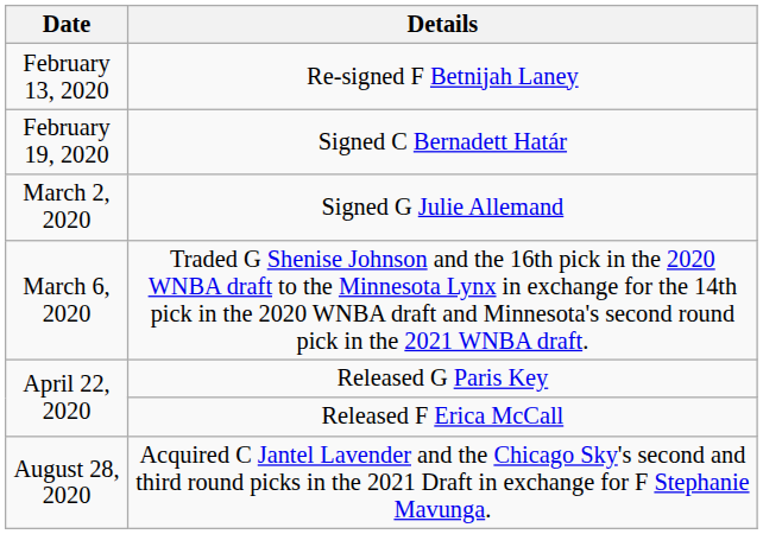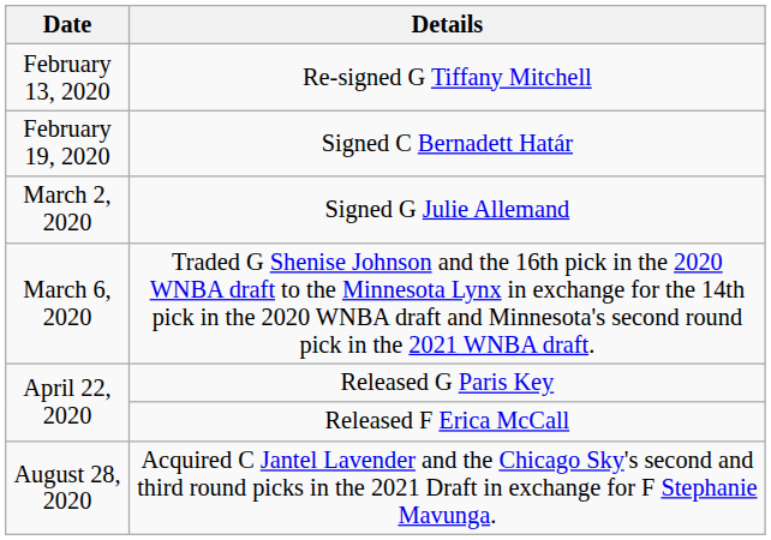 <table class="wikitable" style="width:80%; text-align: center;">
 <tr>
 <th>Date</th>
 <th>Details</th>
 </tr>
 <tr>
 <td>February 13, 2020</td>
-<td>Re-signed F <a href='#'>Betnijah Laney</a></td>
+<td>Re-signed G <a href='#'>Tiffany Mitchell</a></td>
 </tr>
 <tr>
 <td>February 19, 2020</td>
 <td>Signed C <a href='#'>Bernadett Határ</a></td>
 </tr>
 <tr>
 <td>March 2, 2020</td>
 <td>Signed G <a href='#'>Julie Allemand</a></td>
 </tr>
 <tr>
 <td>March 6, 2020</td>
 <td>Traded G <a href='#'>Shenise Johnson</a> and the 16th pick in the <a href='#'>2020 WNBA draft</a> to the <a href='#'>Minnesota Lynx</a> in exchange for the 14th pick in the 2020 WNBA draft and Minnesota's second round pick in the <a href='#'>2021 WNBA draft</a>.</td>
 </tr>
 <tr>
 <td rowspan=2>April 22, 2020</td>
 <td>Released G <a href='#'>Paris Key</a></td>
 </tr>
 <tr>
 <td>Released F <a href='#'>Erica McCall</a></td>
 </tr>
 <tr>
 <td>August 28, 2020</td>
 <td>Acquired C <a href='#'>Jantel Lavender</a> and the <a href='#'>Chicago Sky</a>'s second and third round picks in the 2021 Draft in exchange for F <a href='#'>Stephanie Mavunga</a>.</td>
 </tr>
 </table>
